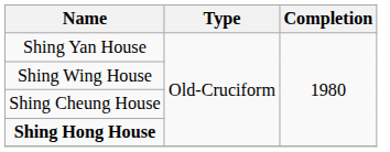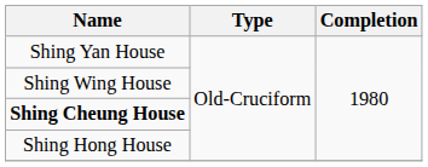 <table class="wikitable" style="text-align: center">
 <tr>
 <th>Name</th>
 <th>Type</th>
 <th>Completion</th>
 </tr>
 <tr>
 <td>Shing Yan House</td>
 <td rowspan="4">Old-Cruciform</td>
 <td rowspan="4">1980</td>
 </tr>
 <tr>
 <td>Shing Wing House</td>
 </tr>
 <tr>
-<td>Shing Cheung House</td>
+<td><strong>Shing Cheung House</strong></td>
 </tr>
 <tr>
-<td><strong>Shing Hong House</strong></td>
+<td>Shing Hong House</td>
 </tr>
 <tr>
 </tr>
 </table>
